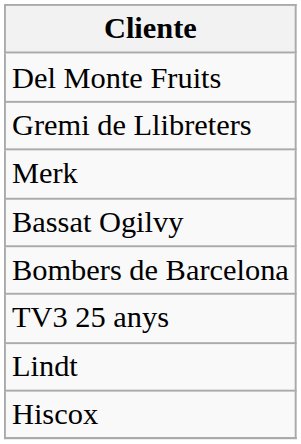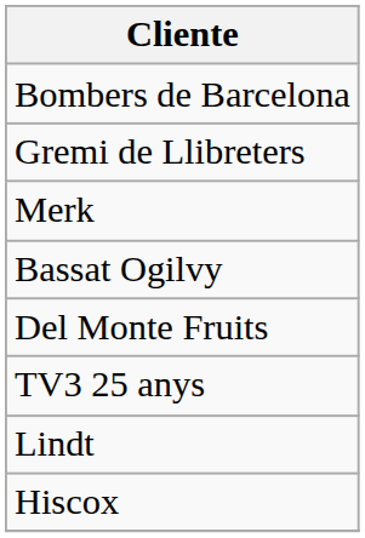 <table class="wikitable sortable" border="1">
 <tr>
 <th scope=col>Cliente</th>
 </tr>
 <tr ---->
-<td Del Monte Fruits>Del Monte Fruits</td>
+<td Bombers de Barcelona>Bombers de Barcelona</td>
 </tr>
 <tr ---->
 <td Gremi de Llibreters>Gremi de Llibreters</td>
 </tr>
 <tr ---->
 <td Merk>Merk</td>
 </tr>
 <tr ---->
 <td Bassat Ogilvy>Bassat Ogilvy</td>
 </tr>
 <tr ---->
-<td Bombers de Barcelona>Bombers de Barcelona</td>
+<td Del Monte Fruits>Del Monte Fruits</td>
 </tr>
 <tr ---->
 <td TV3 25 anys>TV3 25 anys</td>
 </tr>
 <tr ---->
 <td Lindt>Lindt</td>
 </tr>
 <tr ---->
 <td Hiscox>Hiscox</td>
 </tr>
 <tr ---->
 </tr>
 </table>
